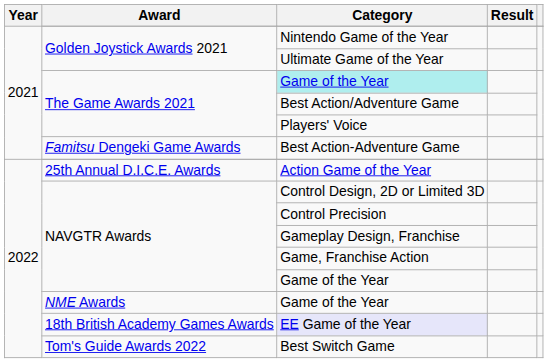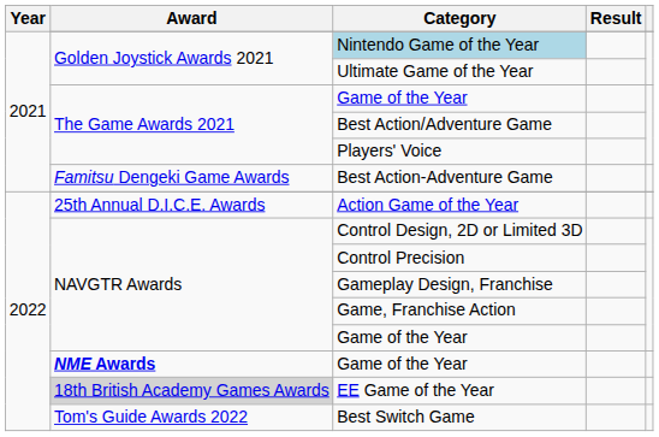 <table class="wikitable sortable">
 <tr>
 <th>Year</th>
 <th>Award</th>
 <th>Category</th>
 <th>Result</th>
 <th></th>
 </tr>
 <tr>
 <td rowspan="7" style="text-align:center;">2021</td>
 </tr>
 <tr>
 <td rowspan="2"><a href='#'>Golden Joystick Awards</a> 2021</td>
-<td>Nintendo Game of the Year</td>
+<td style="background: lightblue;">Nintendo Game of the Year</td>
 <td></td>
 <td rowspan="2" style="text-align:center;"></td>
 </tr>
 <tr>
 <td>Ultimate Game of the Year</td>
 <td></td>
 </tr>
 <tr>
 <td rowspan="3"><a href='#'>The Game Awards 2021</a></td>
-<td style="background: paleturquoise;"><a href='#'>Game of the Year</a></td>
+<td><a href='#'>Game of the Year</a></td>
 <td></td>
 <td rowspan="3" style="text-align:center;"></td>
 </tr>
 <tr>
 <td>Best Action/Adventure Game</td>
 <td></td>
 </tr>
 <tr>
 <td>Players' Voice</td>
 <td></td>
 </tr>
 <tr>
 <td><a href='#'><em>Famitsu</em> Dengeki Game Awards</a></td>
 <td>Best Action-Adventure Game</td>
 <td></td>
 <td style="text-align:center;"></td>
 </tr>
 <tr>
 <td rowspan='12' style="text-align:center;">2022</td>
 </tr>
 <tr>
 <td><a href='#'>25th Annual D.I.C.E. Awards</a></td>
 <td><a href='#'>Action Game of the Year</a></td>
 <td></td>
 <td style="text-align:center;"></td>
 </tr>
 <tr>
 <td rowspan="5">NAVGTR Awards</td>
 <td>Control Design, 2D or Limited 3D</td>
 <td></td>
 <td rowspan="5" style="text-align:center;"></td>
 </tr>
 <tr>
 <td>Control Precision</td>
 <td></td>
 </tr>
 <tr>
 <td>Gameplay Design, Franchise</td>
 <td></td>
 </tr>
 <tr>
 <td>Game, Franchise Action</td>
 <td></td>
 </tr>
 <tr>
 <td>Game of the Year</td>
 <td></td>
 </tr>
 <tr>
-<td><a href='#'><em>NME</em> Awards</a></td>
+<td><strong><a href='#'><em>NME</em> Awards</a></strong></td>
 <td>Game of the Year</td>
 <td></td>
 <td style="text-align:center;"></td>
 </tr>
 <tr>
-<td><a href='#'>18th British Academy Games Awards</a></td>
-<td style="background: lavender;"><a href='#'>EE</a> Game of the Year</td>
+<td style="background: lightgrey;"><a href='#'>18th British Academy Games Awards</a></td>
+<td><a href='#'>EE</a> Game of the Year</td>
 <td></td>
 <td style="text-align:center;"></td>
 </tr>
 <tr>
 <td><a href='#'>Tom's Guide Awards 2022</a></td>
 <td>Best Switch Game</td>
 <td></td>
 <td style="text-align:center;"></td>
 </tr>
 </table>
